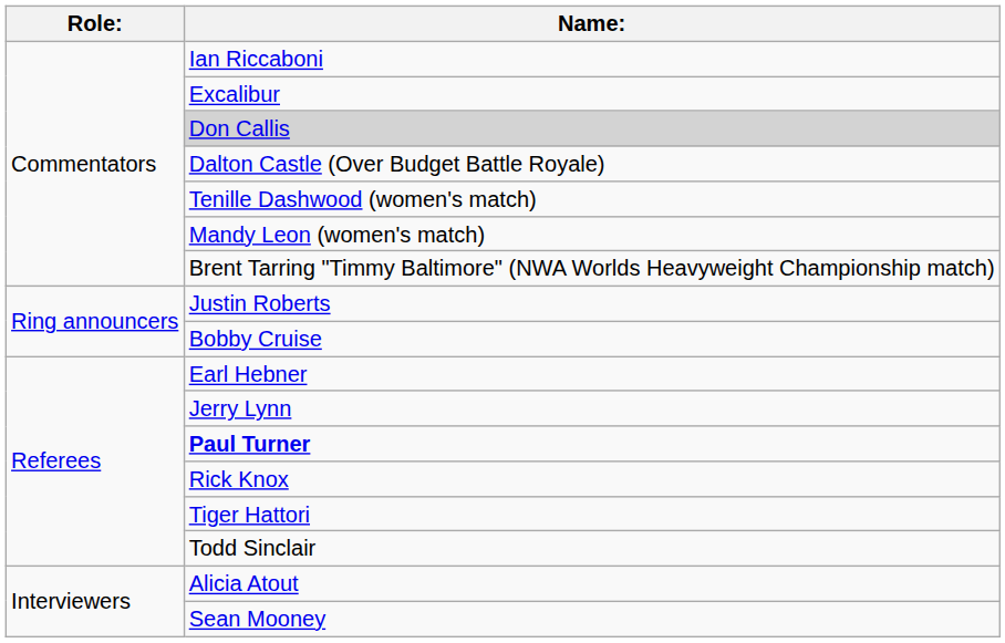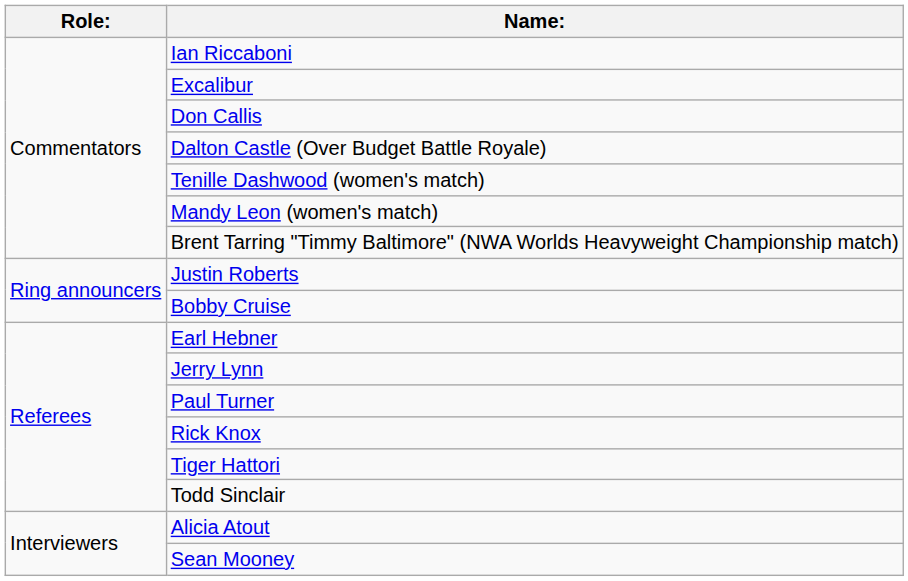 <table class=wikitable style="font-size:90%; margin: 0.5em 0 0.5em 1em; float: right; clear: right;">
 <tr>
 <th>Role:</th>
 <th>Name:</th>
 </tr>
 <tr>
 <td rowspan=7>Commentators</td>
 <td><a href='#'>Ian Riccaboni</a></td>
 </tr>
 <tr>
 <td><a href='#'>Excalibur</a></td>
 </tr>
 <tr>
-<td style="background: lightgrey;"><a href='#'>Don Callis</a></td>
+<td><a href='#'>Don Callis</a></td>
 </tr>
 <tr>
 <td><a href='#'>Dalton Castle</a> (Over Budget Battle Royale)</td>
 </tr>
 <tr>
 <td><a href='#'>Tenille Dashwood</a> (women's match)</td>
 </tr>
 <tr>
 <td><a href='#'>Mandy Leon</a> (women's match)</td>
 </tr>
 <tr>
 <td>Brent Tarring "Timmy Baltimore" (NWA Worlds Heavyweight Championship match)</td>
 </tr>
 <tr>
 <td rowspan=2><a href='#'>Ring announcers</a></td>
 <td><a href='#'>Justin Roberts</a></td>
 </tr>
 <tr>
 <td><a href='#'>Bobby Cruise</a></td>
 </tr>
 <tr>
 <td rowspan=6><a href='#'>Referees</a></td>
 <td><a href='#'>Earl Hebner</a></td>
 </tr>
 <tr>
 <td><a href='#'>Jerry Lynn</a></td>
 </tr>
 <tr>
-<td><strong><a href='#'>Paul Turner</a></strong></td>
+<td><a href='#'>Paul Turner</a></td>
 </tr>
 <tr>
 <td><a href='#'>Rick Knox</a></td>
 </tr>
 <tr>
 <td><a href='#'>Tiger Hattori</a></td>
 </tr>
 <tr>
 <td>Todd Sinclair</td>
 </tr>
 <tr>
 <td rowspan=2>Interviewers</td>
 <td><a href='#'>Alicia Atout</a></td>
 </tr>
 <tr>
 <td><a href='#'>Sean Mooney</a></td>
 </tr>
 </table>
